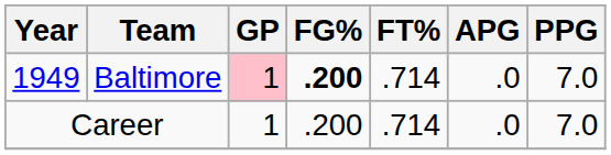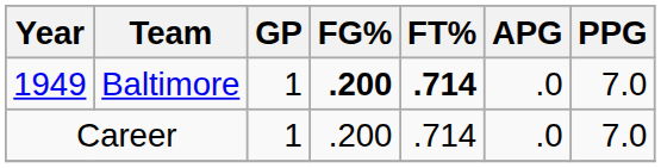 <table class="wikitable sortable" style="font-size:95%; text-align:right;">
 <tr>
 <th>Year</th>
 <th>Team</th>
 <th>GP</th>
 <th>FG%</th>
 <th>FT%</th>
 <th>APG</th>
 <th>PPG</th>
 </tr>
 <tr>
 <td style="text-align:left;"><a href='#'>1949</a></td>
 <td style="text-align:left;"><a href='#'>Baltimore</a></td>
-<td style="background: pink;">1</td>
+<td>1</td>
 <td><strong>.200</strong></td>
-<td>.714</td>
+<td><strong>.714</strong></td>
 <td>.0</td>
 <td>7.0</td>
 </tr>
 <tr>
 <td style="text-align:center;" colspan="2">Career</td>
 <td>1</td>
 <td>.200</td>
 <td>.714</td>
 <td>.0</td>
 <td>7.0</td>
 </tr>
 <tr>
 </tr>
 </table>
